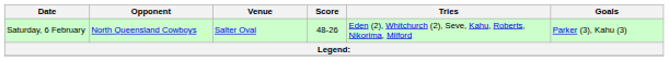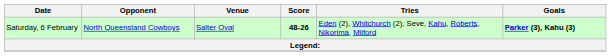 <table class="wikitable" style="font-size:75%;">
 <tr>
 <th width="115">Date</th>
 <th width="170">Opponent</th>
 <th width="130">Venue</th>
 <th width="50">Score</th>
 <th width="285">Tries</th>
 <th width="155">Goals</th>
 </tr>
 <tr bgcolor= #CCFFCC>
 <td>Saturday, 6 February</td>
 <td> <a href='#'>North Queensland Cowboys</a></td>
 <td><a href='#'>Salter Oval</a></td>
-<td style="text-align:center;">48-26</td>
+<td style="text-align:center;"><strong>48-26</strong></td>
 <td><a href='#'>Eden</a> (2), <a href='#'>Whitchurch</a> (2), Seve, <a href='#'>Kahu</a>, <a href='#'>Roberts</a>, <a href='#'>Nikorima</a>, <a href='#'>Milford</a></td>
-<td><a href='#'>Parker</a> (3), Kahu (3)</td>
+<td><strong><a href='#'>Parker</a> (3), Kahu (3)</strong></td>
 </tr>
 <tr>
 <th colspan="8"><strong>Legend</strong>:   </th>
 </tr>
 <tr>
 </tr>
 </table>
